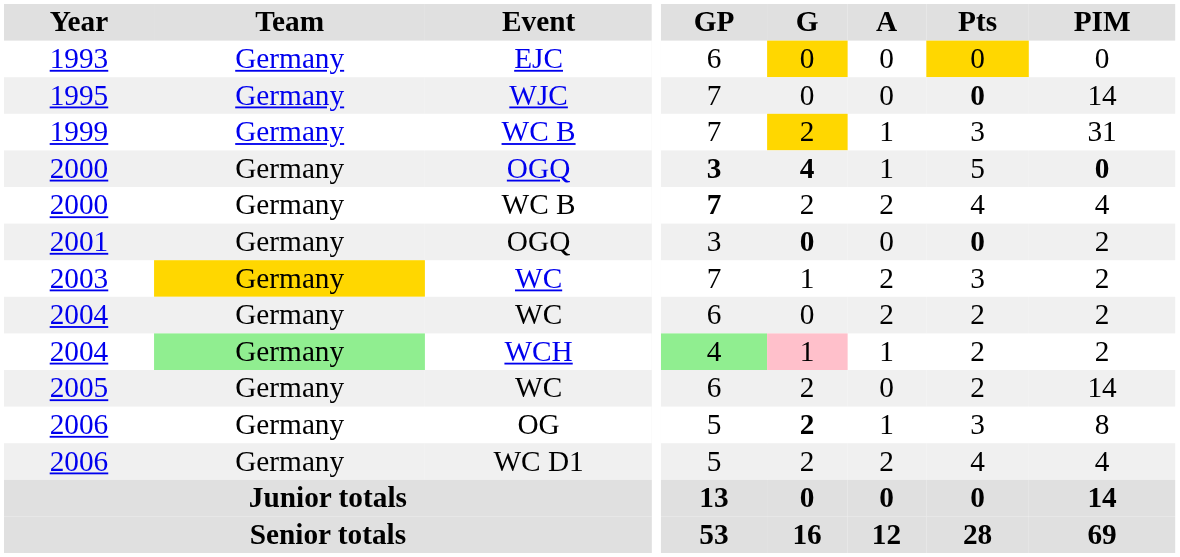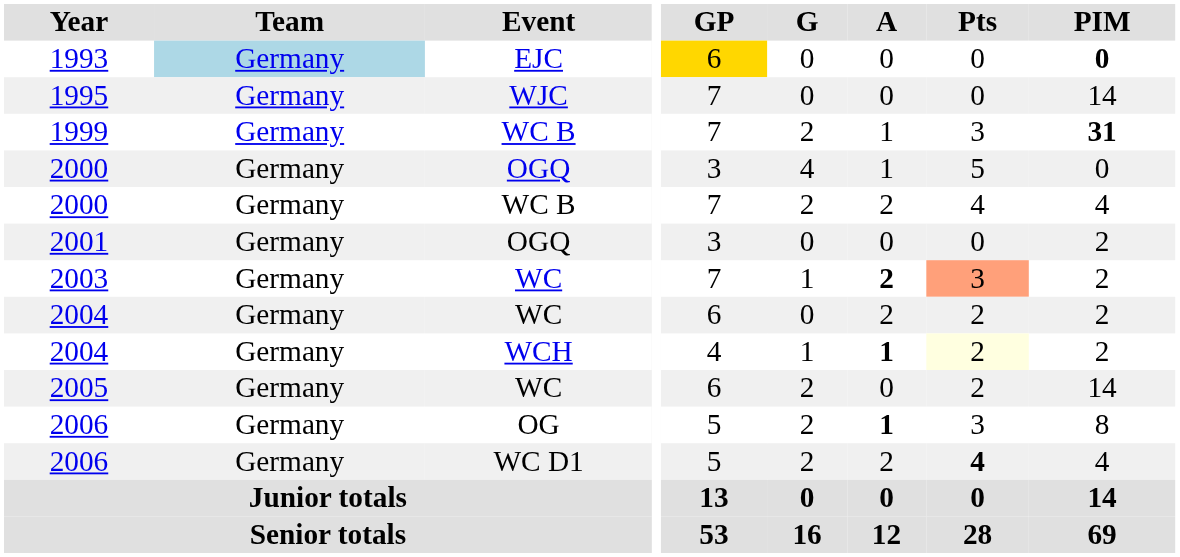 <table border="0" cellpadding="1" cellspacing="0" ID="Table3" style="text-align:center; width:40em">
 <tr ALIGN="center" bgcolor="#e0e0e0">
 <th>Year</th>
 <th>Team</th>
 <th>Event</th>
 <th rowspan="99" bgcolor="#ffffff"></th>
 <th>GP</th>
 <th>G</th>
 <th>A</th>
 <th>Pts</th>
 <th>PIM</th>
 </tr>
 <tr>
 <td><a href='#'>1993</a></td>
-<td><a href='#'>Germany</a></td>
+<td style="background: lightblue;"><a href='#'>Germany</a></td>
 <td><a href='#'>EJC</a></td>
-<td>6</td>
-<td style="background: gold;">0</td>
+<td style="background: gold;">6</td>
 <td>0</td>
-<td style="background: gold;">0</td>
 <td>0</td>
+<td>0</td>
+<td><strong>0</strong></td>
 </tr>
 <tr bgcolor="#f0f0f0">
 <td><a href='#'>1995</a></td>
 <td><a href='#'>Germany</a></td>
 <td><a href='#'>WJC</a></td>
 <td>7</td>
 <td>0</td>
 <td>0</td>
-<td><strong>0</strong></td>
+<td>0</td>
 <td>14</td>
 </tr>
 <tr>
 <td><a href='#'>1999</a></td>
 <td><a href='#'>Germany</a></td>
 <td><a href='#'>WC B</a></td>
 <td>7</td>
-<td style="background: gold;">2</td>
+<td>2</td>
 <td>1</td>
 <td>3</td>
-<td>31</td>
+<td><strong>31</strong></td>
 </tr>
 <tr bgcolor="#f0f0f0">
 <td><a href='#'>2000</a></td>
 <td>Germany</td>
 <td><a href='#'>OGQ</a></td>
-<td><strong>3</strong></td>
-<td><strong>4</strong></td>
+<td>3</td>
+<td>4</td>
 <td>1</td>
 <td>5</td>
-<td><strong>0</strong></td>
+<td>0</td>
 </tr>
 <tr>
 <td><a href='#'>2000</a></td>
 <td>Germany</td>
 <td>WC B</td>
-<td><strong>7</strong></td>
+<td>7</td>
 <td>2</td>
 <td>2</td>
 <td>4</td>
 <td>4</td>
 </tr>
 <tr bgcolor="#f0f0f0">
 <td><a href='#'>2001</a></td>
 <td>Germany</td>
 <td>OGQ</td>
 <td>3</td>
-<td><strong>0</strong></td>
 <td>0</td>
-<td><strong>0</strong></td>
+<td>0</td>
+<td>0</td>
 <td>2</td>
 </tr>
 <tr>
 <td><a href='#'>2003</a></td>
-<td style="background: gold;">Germany</td>
+<td>Germany</td>
 <td><a href='#'>WC</a></td>
 <td>7</td>
 <td>1</td>
-<td>2</td>
-<td>3</td>
+<td><strong>2</strong></td>
+<td style="background: lightsalmon;">3</td>
 <td>2</td>
 </tr>
 <tr bgcolor="#f0f0f0">
 <td><a href='#'>2004</a></td>
 <td>Germany</td>
 <td>WC</td>
 <td>6</td>
 <td>0</td>
 <td>2</td>
 <td>2</td>
 <td>2</td>
 </tr>
 <tr>
 <td><a href='#'>2004</a></td>
-<td style="background: lightgreen;">Germany</td>
+<td>Germany</td>
 <td><a href='#'>WCH</a></td>
-<td style="background: lightgreen;">4</td>
-<td style="background: pink;">1</td>
+<td>4</td>
 <td>1</td>
-<td>2</td>
+<td><strong>1</strong></td>
+<td style="background: lightyellow;">2</td>
 <td>2</td>
 </tr>
 <tr bgcolor="#f0f0f0">
 <td><a href='#'>2005</a></td>
 <td>Germany</td>
 <td>WC</td>
 <td>6</td>
 <td>2</td>
 <td>0</td>
 <td>2</td>
 <td>14</td>
 </tr>
 <tr>
 <td><a href='#'>2006</a></td>
 <td>Germany</td>
 <td>OG</td>
 <td>5</td>
-<td><strong>2</strong></td>
-<td>1</td>
+<td>2</td>
+<td><strong>1</strong></td>
 <td>3</td>
 <td>8</td>
 </tr>
 <tr bgcolor="#f0f0f0">
 <td><a href='#'>2006</a></td>
 <td>Germany</td>
 <td>WC D1</td>
 <td>5</td>
 <td>2</td>
 <td>2</td>
-<td>4</td>
+<td><strong>4</strong></td>
 <td>4</td>
 </tr>
 <tr bgcolor="#e0e0e0">
 <th colspan="3">Junior totals</th>
 <th>13</th>
 <th>0</th>
 <th>0</th>
 <th>0</th>
 <th>14</th>
 </tr>
 <tr bgcolor="#e0e0e0">
 <th colspan="3">Senior totals</th>
 <th>53</th>
 <th>16</th>
 <th>12</th>
 <th>28</th>
 <th>69</th>
 </tr>
 </table>
